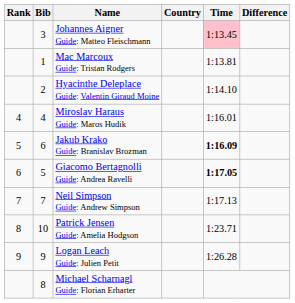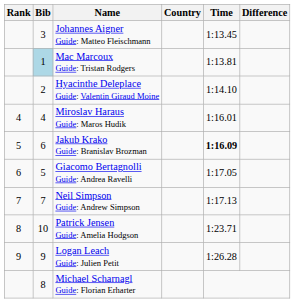 <table class="wikitable sortable" style="text-align:center">
 <tr>
 <th>Rank</th>
 <th>Bib</th>
 <th>Name</th>
 <th>Country</th>
 <th>Time</th>
 <th>Difference</th>
 </tr>
 <tr>
 <td></td>
 <td>3</td>
 <td align="left"><a href='#'>Johannes Aigner</a><br><small><a href='#'>Guide</a>: Matteo Fleischmann </small></td>
 <td align="left"></td>
-<td style="background: pink;">1:13.45</td>
+<td>1:13.45</td>
 <td></td>
 </tr>
 <tr>
 <td></td>
-<td>1</td>
+<td style="background: lightblue;">1</td>
 <td align="left"><a href='#'>Mac Marcoux</a><br><small><a href='#'>Guide</a>: Tristan Rodgers </small></td>
 <td align="left"></td>
 <td>1:13.81</td>
 <td></td>
 </tr>
 <tr>
 <td></td>
 <td>2</td>
 <td align="left"><a href='#'>Hyacinthe Deleplace</a><br><small><a href='#'>Guide</a>: <a href='#'>Valentin Giraud Moine</a> </small></td>
 <td align="left"></td>
 <td>1:14.10</td>
 <td></td>
 </tr>
 <tr>
 <td>4</td>
 <td>4</td>
 <td align="left"><a href='#'>Miroslav Haraus</a><br><small><a href='#'>Guide</a>: Maros Hudik</small></td>
 <td align="left"></td>
 <td>1:16.01</td>
 <td></td>
 </tr>
 <tr>
 <td>5</td>
 <td>6</td>
 <td align="left"><a href='#'>Jakub Krako</a><br><small><a href='#'>Guide</a>: Branislav Brozman</small></td>
 <td align="left"></td>
 <td><strong>1:16.09</strong></td>
 <td></td>
 </tr>
 <tr>
 <td>6</td>
 <td>5</td>
 <td align="left"><a href='#'>Giacomo Bertagnolli</a><br><small><a href='#'>Guide</a>: Andrea Ravelli</small></td>
 <td align="left"></td>
-<td><strong>1:17.05</strong></td>
+<td>1:17.05</td>
 <td></td>
 </tr>
 <tr>
 <td>7</td>
 <td>7</td>
 <td align="left"><a href='#'>Neil Simpson</a><br><small><a href='#'>Guide</a>: Andrew Simpson</small></td>
 <td align="left"></td>
 <td>1:17.13</td>
 <td></td>
 </tr>
 <tr>
 <td>8</td>
 <td>10</td>
 <td align="left"><a href='#'>Patrick Jensen</a><br><small><a href='#'>Guide</a>: Amelia Hodgson</small></td>
 <td align="left"></td>
 <td>1:23.71</td>
 <td></td>
 </tr>
 <tr>
 <td>9</td>
 <td>9</td>
 <td align="left"><a href='#'>Logan Leach</a><br><small><a href='#'>Guide</a>: Julien Petit</small></td>
 <td align="left"></td>
 <td>1:26.28</td>
 <td></td>
 </tr>
 <tr>
 <td></td>
 <td>8</td>
 <td align="left"><a href='#'>Michael Scharnagl</a><br><small><a href='#'>Guide</a>: Florian Erharter</small></td>
 <td align="left"></td>
 <td colspan="2"></td>
 </tr>
 </table>
